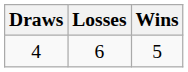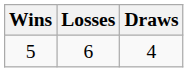 <table class="wikitable">
 <tr>
+<th>Wins</th>
+<th>Losses</th>
 <th>Draws</th>
-<th>Losses</th>
-<th>Wins</th>
 </tr>
 <tr>
+<td align=center>5</td>
+<td align=center>6</td>
 <td align=center>4</td>
-<td align=center>6</td>
-<td align=center>5</td>
 </tr>
 </table>
